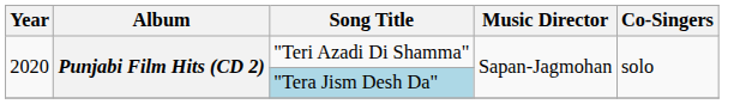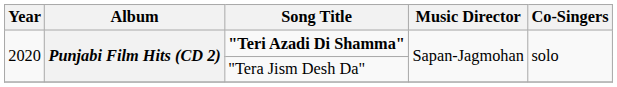 <table class="wikitable sortable">
 <tr>
 <th>Year</th>
 <th>Album</th>
 <th>Song Title</th>
 <th>Music Director</th>
 <th>Co-Singers</th>
 </tr>
 <tr>
 <td rowspan=2>2020</td>
 <th rowspan=2><em>Punjabi Film Hits (CD 2)</em></th>
-<td>"Teri Azadi Di Shamma"</td>
+<td><strong>"Teri Azadi Di Shamma"</strong></td>
 <td rowspan=2>Sapan-Jagmohan</td>
 <td rowspan=2>solo</td>
 </tr>
 <tr>
-<td style="background: lightblue;">"Tera Jism Desh Da"</td>
+<td>"Tera Jism Desh Da"</td>
 </tr>
 <tr>
 </tr>
 </table>
